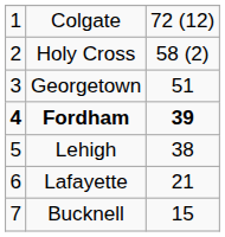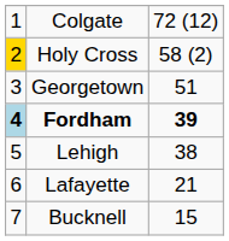 <table class="wikitable">
 <tr align="center">
 </tr>
 <tr align="center">
 <td>1</td>
 <td>Colgate</td>
 <td>72 (12)</td>
 </tr>
 <tr align="center">
-<td>2</td>
+<td style="background: gold;">2</td>
 <td>Holy Cross</td>
 <td>58 (2)</td>
 </tr>
 <tr align="center">
 <td>3</td>
 <td>Georgetown</td>
 <td>51</td>
 </tr>
 <tr align="center">
-<td><strong>4</strong></td>
+<td style="background: lightblue;"><strong>4</strong></td>
 <td><strong>Fordham</strong></td>
 <td><strong>39</strong></td>
 </tr>
 <tr align="center">
 <td>5</td>
 <td>Lehigh</td>
 <td>38</td>
 </tr>
 <tr align="center">
 <td>6</td>
 <td>Lafayette</td>
 <td>21</td>
 </tr>
 <tr align="center">
 <td>7</td>
 <td>Bucknell</td>
 <td>15</td>
 </tr>
 </table>
